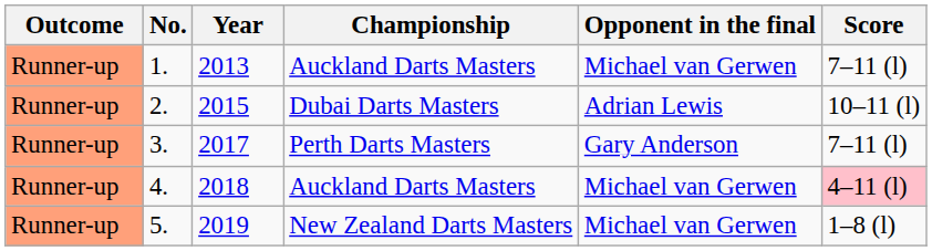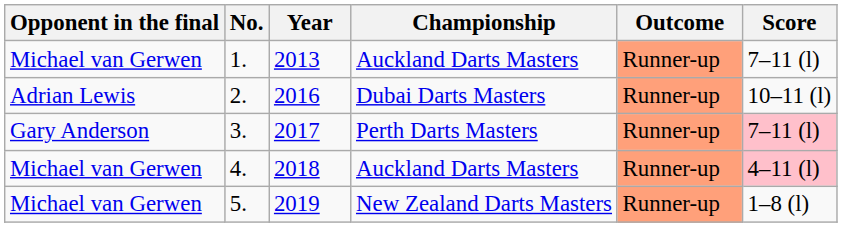 <table class="sortable wikitable">
 <tr>
-<th style="width:80px;">Outcome</th>
+<th style="width;200px;">Opponent in the final</th>
 <th style="width:20px;">No.</th>
 <th style="width:50px;">Year</th>
 <th style="width;250px;">Championship</th>
-<th style="width;200px;">Opponent in the final</th>
+<th style="width:80px;">Outcome</th>
 <th style="width;70px;">Score</th>
 </tr>
 <tr style=>
-<td style="background:#ffa07a">Runner-up</td>
+<td> <a href='#'>Michael van Gerwen</a></td>
 <td>1.</td>
 <td><a href='#'>2013</a></td>
 <td><a href='#'>Auckland Darts Masters</a></td>
-<td> <a href='#'>Michael van Gerwen</a></td>
+<td style="background:#ffa07a">Runner-up</td>
 <td>7–11 (l)</td>
 </tr>
 <tr>
+<td> <a href='#'>Adrian Lewis</a></td>
+<td>2.</td>
+<td><a href='#'>2016</a></td>
+<td><a href='#'>Dubai Darts Masters</a></td>
 <td style="background:#ffa07a">Runner-up</td>
-<td>2.</td>
-<td><a href='#'>2015</a></td>
-<td><a href='#'>Dubai Darts Masters</a></td>
-<td> <a href='#'>Adrian Lewis</a></td>
 <td>10–11 (l)</td>
 </tr>
 <tr>
-<td style="background:#ffa07a">Runner-up</td>
+<td> <a href='#'>Gary Anderson</a></td>
 <td>3.</td>
 <td><a href='#'>2017</a></td>
 <td><a href='#'>Perth Darts Masters</a></td>
-<td> <a href='#'>Gary Anderson</a></td>
-<td>7–11 (l)</td>
+<td style="background:#ffa07a">Runner-up</td>
+<td style="background: pink;">7–11 (l)</td>
 </tr>
 <tr>
-<td style="background:#ffa07a">Runner-up</td>
+<td> <a href='#'>Michael van Gerwen</a></td>
 <td>4.</td>
 <td><a href='#'>2018</a></td>
 <td><a href='#'>Auckland Darts Masters</a></td>
-<td> <a href='#'>Michael van Gerwen</a></td>
+<td style="background:#ffa07a">Runner-up</td>
 <td style="background: pink;">4–11 (l)</td>
 </tr>
 <tr>
-<td style="background:#ffa07a">Runner-up</td>
+<td> <a href='#'>Michael van Gerwen</a></td>
 <td>5.</td>
 <td><a href='#'>2019</a></td>
 <td><a href='#'>New Zealand Darts Masters</a></td>
-<td> <a href='#'>Michael van Gerwen</a></td>
+<td style="background:#ffa07a">Runner-up</td>
 <td>1–8 (l)</td>
 </tr>
 </table>
